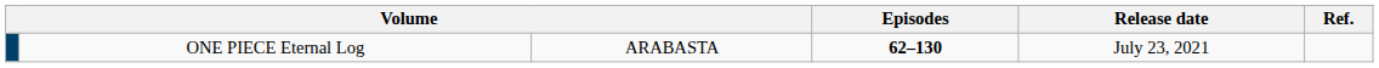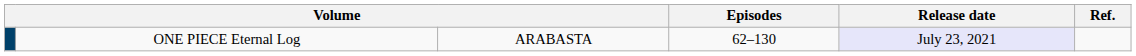 <table class="wikitable" style="text-align: center; width: 98%;">
 <tr>
 <th colspan="3">Volume</th>
 <th>Episodes</th>
 <th>Release date</th>
 <th width="5%">Ref.</th>
 </tr>
 <tr>
 <td width="1%" style="background: #00416A;"></td>
 <td>ONE PIECE Eternal Log</td>
 <td>ARABASTA</td>
-<td><strong>62–130</strong></td>
-<td>July 23, 2021</td>
+<td>62–130</td>
+<td style="background: lavender;">July 23, 2021</td>
 <td></td>
 </tr>
 </table>
